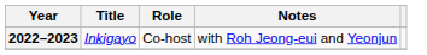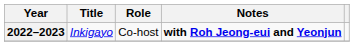 <table class="wikitable sortable plainrowheaders">
 <tr>
 <th scope="col">Year</th>
 <th scope="col">Title</th>
 <th scope="col">Role</th>
 <th scope="col" class="unsortable">Notes</th>
 <th scope="col" class="unsortable"></th>
 </tr>
 <tr>
 <th scope="row">2022–2023</th>
 <td><em><a href='#'>Inkigayo</a></em></td>
 <td>Co-host</td>
-<td>with <a href='#'>Roh Jeong-eui</a> and <a href='#'>Yeonjun</a></td>
+<td><strong>with <a href='#'>Roh Jeong-eui</a> and <a href='#'>Yeonjun</a></strong></td>
 <td></td>
 </tr>
 <tr>
 </tr>
 </table>
